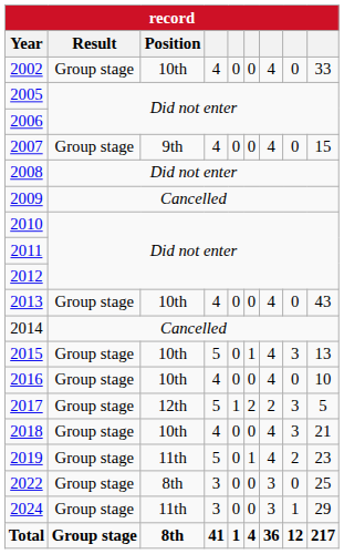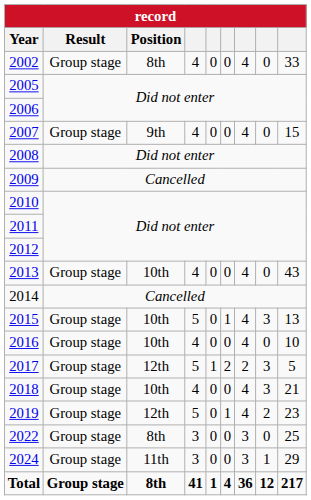 <table class="wikitable" style="text-align: center;">
 <tr>
 <th colspan=9 style="background: #CE1126; color: #FFFFFF;"><a href='#'></a> record</th>
 </tr>
 <tr>
 <th>Year</th>
 <th>Result</th>
 <th>Position</th>
 <th></th>
 <th></th>
 <th></th>
 <th></th>
 <th></th>
 <th></th>
 </tr>
 <tr>
 <td>  <a href='#'>2002</a></td>
 <td>Group stage</td>
-<td>10th</td>
+<td>8th</td>
 <td>4</td>
 <td>0</td>
 <td>0</td>
 <td>4</td>
 <td>0</td>
 <td>33</td>
 </tr>
 <tr>
 <td> <a href='#'>2005</a></td>
 <td colspan=8 rowspan=2><em>Did not enter</em></td>
 </tr>
 <tr>
 <td> <a href='#'>2006</a></td>
 </tr>
 <tr>
 <td> <a href='#'>2007</a></td>
 <td>Group stage</td>
 <td>9th</td>
 <td>4</td>
 <td>0</td>
 <td>0</td>
 <td>4</td>
 <td>0</td>
 <td>15</td>
 </tr>
 <tr>
 <td> <a href='#'>2008</a></td>
 <td colspan=8><em>Did not enter</em></td>
 </tr>
 <tr>
 <td> <a href='#'>2009</a></td>
 <td colspan=8><em>Cancelled</em></td>
 </tr>
 <tr>
 <td> <a href='#'>2010</a></td>
 <td colspan=8 rowspan=3><em>Did not enter</em></td>
 </tr>
 <tr>
 <td> <a href='#'>2011</a></td>
 </tr>
 <tr>
 <td> <a href='#'>2012</a></td>
 </tr>
 <tr>
 <td> <a href='#'>2013</a></td>
 <td>Group stage</td>
 <td>10th</td>
 <td>4</td>
 <td>0</td>
 <td>0</td>
 <td>4</td>
 <td>0</td>
 <td>43</td>
 </tr>
 <tr>
 <td> 2014</td>
 <td colspan=8><em>Cancelled</em></td>
 </tr>
 <tr>
 <td> <a href='#'>2015</a></td>
 <td>Group stage</td>
 <td>10th</td>
 <td>5</td>
 <td>0</td>
 <td>1</td>
 <td>4</td>
 <td>3</td>
 <td>13</td>
 </tr>
 <tr>
 <td> <a href='#'>2016</a></td>
 <td>Group stage</td>
 <td>10th</td>
 <td>4</td>
 <td>0</td>
 <td>0</td>
 <td>4</td>
 <td>0</td>
 <td>10</td>
 </tr>
 <tr>
 <td> <a href='#'>2017</a></td>
 <td>Group stage</td>
 <td>12th</td>
 <td>5</td>
 <td>1</td>
 <td>2</td>
 <td>2</td>
 <td>3</td>
 <td>5</td>
 </tr>
 <tr>
 <td> <a href='#'>2018</a></td>
 <td>Group stage</td>
 <td>10th</td>
 <td>4</td>
 <td>0</td>
 <td>0</td>
 <td>4</td>
 <td>3</td>
 <td>21</td>
 </tr>
 <tr>
 <td> <a href='#'>2019</a></td>
 <td>Group stage</td>
-<td>11th</td>
+<td>12th</td>
 <td>5</td>
 <td>0</td>
 <td>1</td>
 <td>4</td>
 <td>2</td>
 <td>23</td>
 </tr>
 <tr>
 <td> <a href='#'>2022</a></td>
 <td>Group stage</td>
 <td>8th</td>
 <td>3</td>
 <td>0</td>
 <td>0</td>
 <td>3</td>
 <td>0</td>
 <td>25</td>
 </tr>
 <tr>
 <td> <a href='#'>2024</a></td>
 <td>Group stage</td>
 <td>11th</td>
 <td>3</td>
 <td>0</td>
 <td>0</td>
 <td>3</td>
 <td>1</td>
 <td>29</td>
 </tr>
 <tr>
 <td><strong>Total</strong></td>
 <td><strong>Group stage</strong></td>
 <td><strong>8th</strong></td>
 <td><strong>41</strong></td>
 <td><strong>1</strong></td>
 <td><strong>4</strong></td>
 <td><strong>36</strong></td>
 <td><strong>12</strong></td>
 <td><strong>217</strong></td>
 </tr>
 </table>
